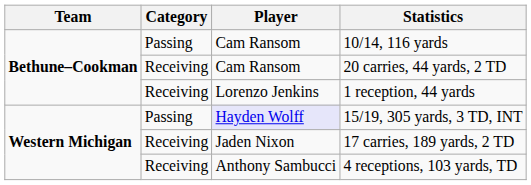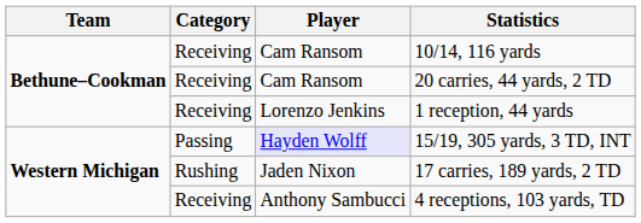 <table class="wikitable" style="float: right;">
 <tr>
 <th>Team</th>
 <th>Category</th>
 <th>Player</th>
 <th>Statistics</th>
 </tr>
 <tr>
 <td rowspan=3><strong>Bethune–Cookman</strong></td>
-<td>Passing</td>
+<td>Receiving</td>
 <td>Cam Ransom</td>
 <td>10/14, 116 yards</td>
 </tr>
 <tr>
 <td>Receiving</td>
 <td>Cam Ransom</td>
 <td>20 carries, 44 yards, 2 TD</td>
 </tr>
 <tr>
 <td>Receiving</td>
 <td>Lorenzo Jenkins</td>
 <td>1 reception, 44 yards</td>
 </tr>
 <tr>
 <td rowspan=3><strong>Western Michigan</strong></td>
 <td>Passing</td>
 <td style="background: lavender;"><a href='#'>Hayden Wolff</a></td>
 <td>15/19, 305 yards, 3 TD, INT</td>
 </tr>
 <tr>
-<td>Receiving</td>
+<td>Rushing</td>
 <td>Jaden Nixon</td>
 <td>17 carries, 189 yards, 2 TD</td>
 </tr>
 <tr>
 <td>Receiving</td>
 <td>Anthony Sambucci</td>
 <td>4 receptions, 103 yards, TD</td>
 </tr>
 </table>
